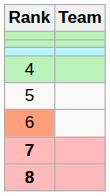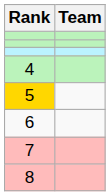 <table class=wikitable style="text-align:center;">
 <tr>
 <th>Rank</th>
 <th>Team</th>
 </tr>
 <tr bgcolor=bbf3bb>
 <td></td>
 <td align=left></td>
 </tr>
 <tr bgcolor=bbf3bb>
 <td></td>
 <td align=left></td>
 </tr>
 <tr bgcolor=bbf3ff>
 <td></td>
 <td align=left></td>
 </tr>
 <tr bgcolor=bbf3bb>
 <td>4</td>
 <td align=left></td>
 </tr>
 <tr>
-<td>5</td>
+<td style="background: gold;">5</td>
 <td align=left></td>
 </tr>
 <tr>
-<td style="background: lightsalmon;">6</td>
+<td>6</td>
 <td align=left></td>
 </tr>
 <tr bgcolor=ffbbbb>
-<td><strong>7</strong></td>
+<td>7</td>
 <td align=left></td>
 </tr>
 <tr bgcolor=ffbbbb>
-<td><strong>8</strong></td>
+<td>8</td>
 <td align=left></td>
 </tr>
 </table>
